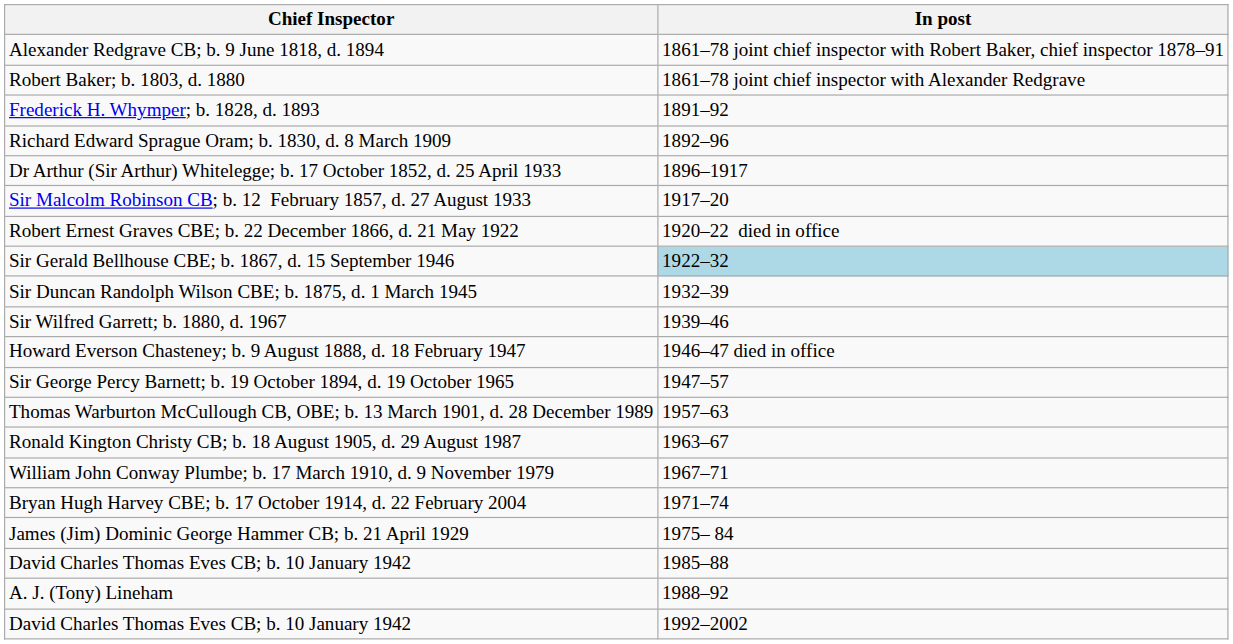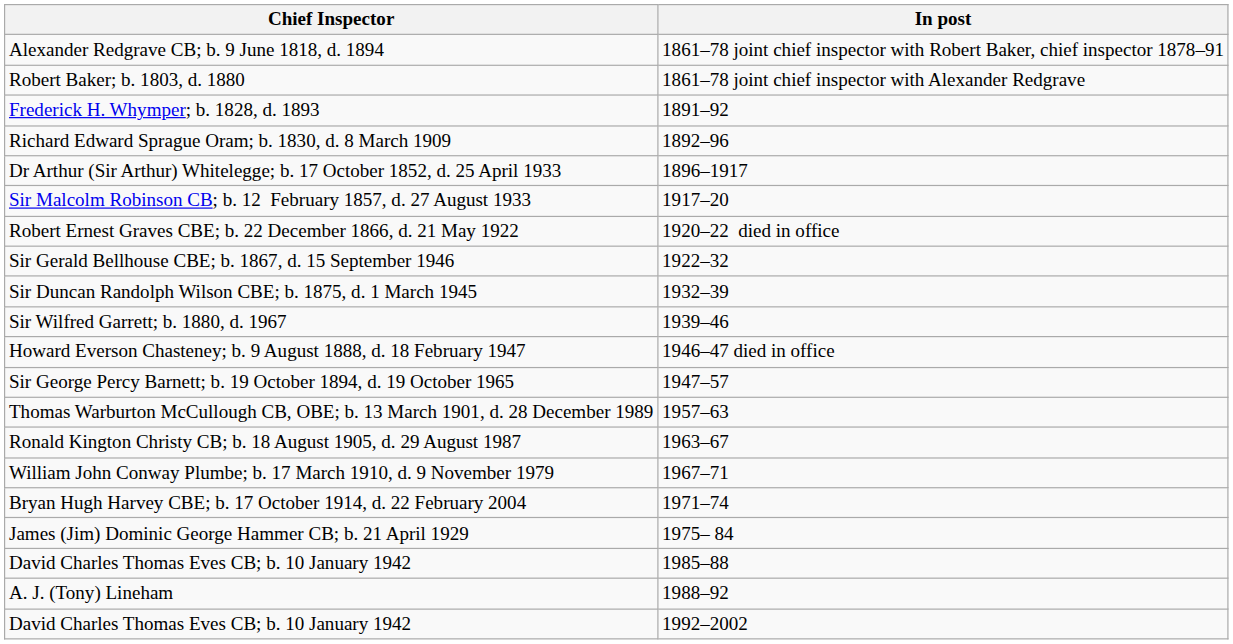 <table class="wikitable">
 <tr>
 <th>Chief  Inspector</th>
 <th>In  post</th>
 </tr>
 <tr>
 <td>Alexander Redgrave CB; b. 9 June 1818, d. 1894</td>
 <td>1861–78 joint chief inspector with Robert Baker, chief inspector 1878–91</td>
 </tr>
 <tr>
 <td>Robert Baker; b. 1803, d. 1880</td>
 <td>1861–78 joint chief inspector with  Alexander Redgrave</td>
 </tr>
 <tr>
 <td><a href='#'>Frederick H. Whymper</a>; b. 1828, d. 1893</td>
 <td>1891–92</td>
 </tr>
 <tr>
 <td>Richard Edward Sprague Oram; b. 1830, d. 8 March 1909</td>
 <td>1892–96</td>
 </tr>
 <tr>
 <td>Dr Arthur (Sir Arthur) Whitelegge; b. 17 October 1852, d. 25 April 1933</td>
 <td>1896–1917</td>
 </tr>
 <tr>
 <td><a href='#'>Sir Malcolm Robinson CB</a>; b. 12  February  1857, d. 27 August 1933</td>
 <td>1917–20</td>
 </tr>
 <tr>
 <td>Robert Ernest Graves CBE; b. 22 December 1866, d. 21 May 1922</td>
 <td>1920–22  died in office</td>
 </tr>
 <tr>
 <td>Sir Gerald Bellhouse CBE; b. 1867, d. 15 September 1946</td>
-<td style="background: lightblue;">1922–32</td>
+<td>1922–32</td>
 </tr>
 <tr>
 <td>Sir Duncan Randolph Wilson CBE; b. 1875, d. 1 March 1945</td>
 <td>1932–39</td>
 </tr>
 <tr>
 <td>Sir Wilfred Garrett; b. 1880, d. 1967</td>
 <td>1939–46</td>
 </tr>
 <tr>
 <td>Howard Everson Chasteney; b. 9 August 1888, d. 18 February 1947</td>
 <td>1946–47 died in office</td>
 </tr>
 <tr>
 <td>Sir George Percy Barnett; b. 19 October 1894, d. 19 October 1965</td>
 <td>1947–57</td>
 </tr>
 <tr>
 <td>Thomas  Warburton McCullough CB, OBE; b. 13 March 1901, d. 28 December 1989</td>
 <td>1957–63</td>
 </tr>
 <tr>
 <td>Ronald Kington Christy CB; b. 18 August 1905, d. 29 August 1987</td>
 <td>1963–67</td>
 </tr>
 <tr>
 <td>William John Conway Plumbe; b. 17 March 1910, d. 9 November 1979</td>
 <td>1967–71</td>
 </tr>
 <tr>
 <td>Bryan Hugh Harvey CBE; b. 17 October 1914, d.  22 February 2004</td>
 <td>1971–74</td>
 </tr>
 <tr>
 <td>James (Jim) Dominic George Hammer CB; b. 21 April 1929</td>
 <td>1975– 84</td>
 </tr>
 <tr>
 <td>David Charles Thomas Eves CB; b. 10 January 1942</td>
 <td>1985–88</td>
 </tr>
 <tr>
 <td>A. J. (Tony) Lineham</td>
 <td>1988–92</td>
 </tr>
 <tr>
 <td>David Charles Thomas Eves CB; b. 10 January 1942</td>
 <td>1992–2002</td>
 </tr>
 </table>
